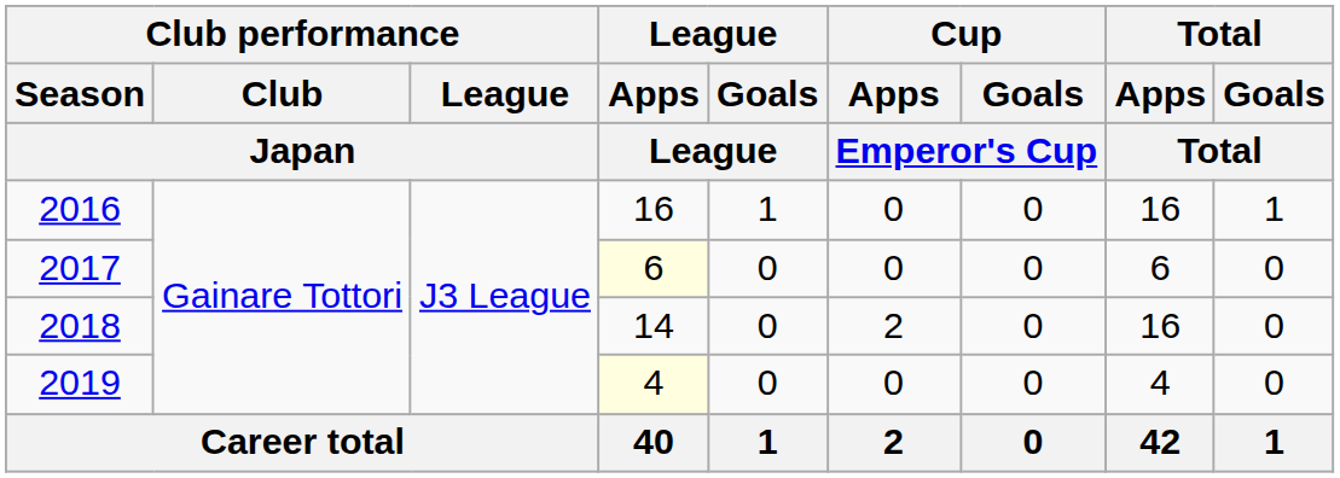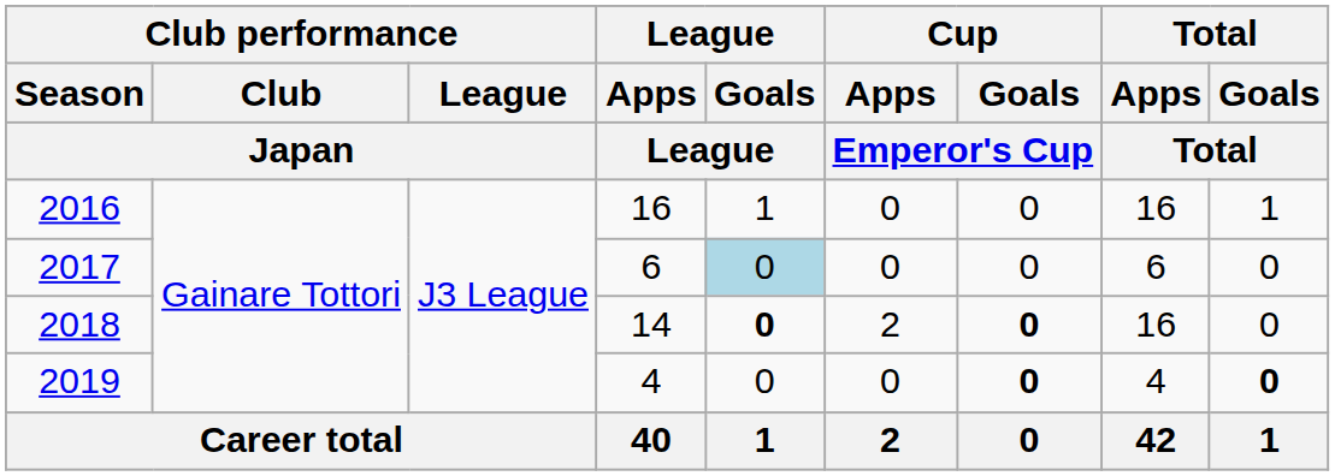 <table class="wikitable" style="text-align:center">
 <tr>
 <th colspan=3>Club performance</th>
 <th colspan=2>League</th>
 <th colspan=2>Cup</th>
 <th colspan=2>Total</th>
 </tr>
 <tr>
 <th>Season</th>
 <th>Club</th>
 <th>League</th>
 <th>Apps</th>
 <th>Goals</th>
 <th>Apps</th>
 <th>Goals</th>
 <th>Apps</th>
 <th>Goals</th>
 </tr>
 <tr>
 <th colspan=3>Japan</th>
 <th colspan=2>League</th>
 <th colspan=2><a href='#'>Emperor's Cup</a></th>
 <th colspan=2>Total</th>
 </tr>
 <tr>
 <td><a href='#'>2016</a></td>
 <td rowspan="4"><a href='#'>Gainare Tottori</a></td>
 <td rowspan="4"><a href='#'>J3 League</a></td>
 <td>16</td>
 <td>1</td>
 <td>0</td>
 <td>0</td>
 <td>16</td>
 <td>1</td>
 </tr>
 <tr>
 <td><a href='#'>2017</a></td>
-<td style="background: lightyellow;">6</td>
-<td>0</td>
+<td>6</td>
+<td style="background: lightblue;">0</td>
 <td>0</td>
 <td>0</td>
 <td>6</td>
 <td>0</td>
 </tr>
 <tr>
 <td><a href='#'>2018</a></td>
 <td>14</td>
-<td>0</td>
+<td><strong>0</strong></td>
 <td>2</td>
-<td>0</td>
+<td><strong>0</strong></td>
 <td>16</td>
 <td>0</td>
 </tr>
 <tr>
 <td><a href='#'>2019</a></td>
-<td style="background: lightyellow;">4</td>
+<td>4</td>
 <td>0</td>
 <td>0</td>
-<td>0</td>
+<td><strong>0</strong></td>
 <td>4</td>
-<td>0</td>
+<td><strong>0</strong></td>
 </tr>
 <tr>
 <th colspan=3>Career total</th>
 <th>40</th>
 <th>1</th>
 <th>2</th>
 <th>0</th>
 <th>42</th>
 <th>1</th>
 </tr>
 </table>
